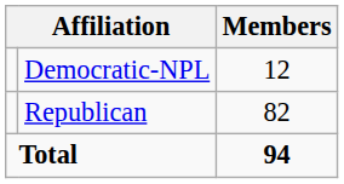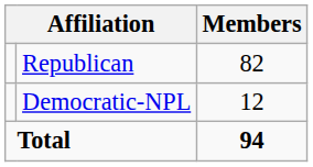 <table class=wikitable>
 <tr>
 <th colspan=2 align=center valign=bottom>Affiliation</th>
 <th valign=bottom>Members</th>
 </tr>
 <tr>
 <td style="background-color:"></td>
-<td><a href='#'>Democratic-NPL</a></td>
-<td align=center>12</td>
+<td><a href='#'>Republican</a></td>
+<td align=center>82</td>
 </tr>
 <tr>
 <td style="background-color:"></td>
-<td><a href='#'>Republican</a></td>
-<td align=center>82</td>
+<td><a href='#'>Democratic-NPL</a></td>
+<td align=center>12</td>
 </tr>
 <tr>
 <td colspan=2> <strong>Total</strong></td>
 <td align=center><strong>94</strong></td>
 </tr>
 </table>
